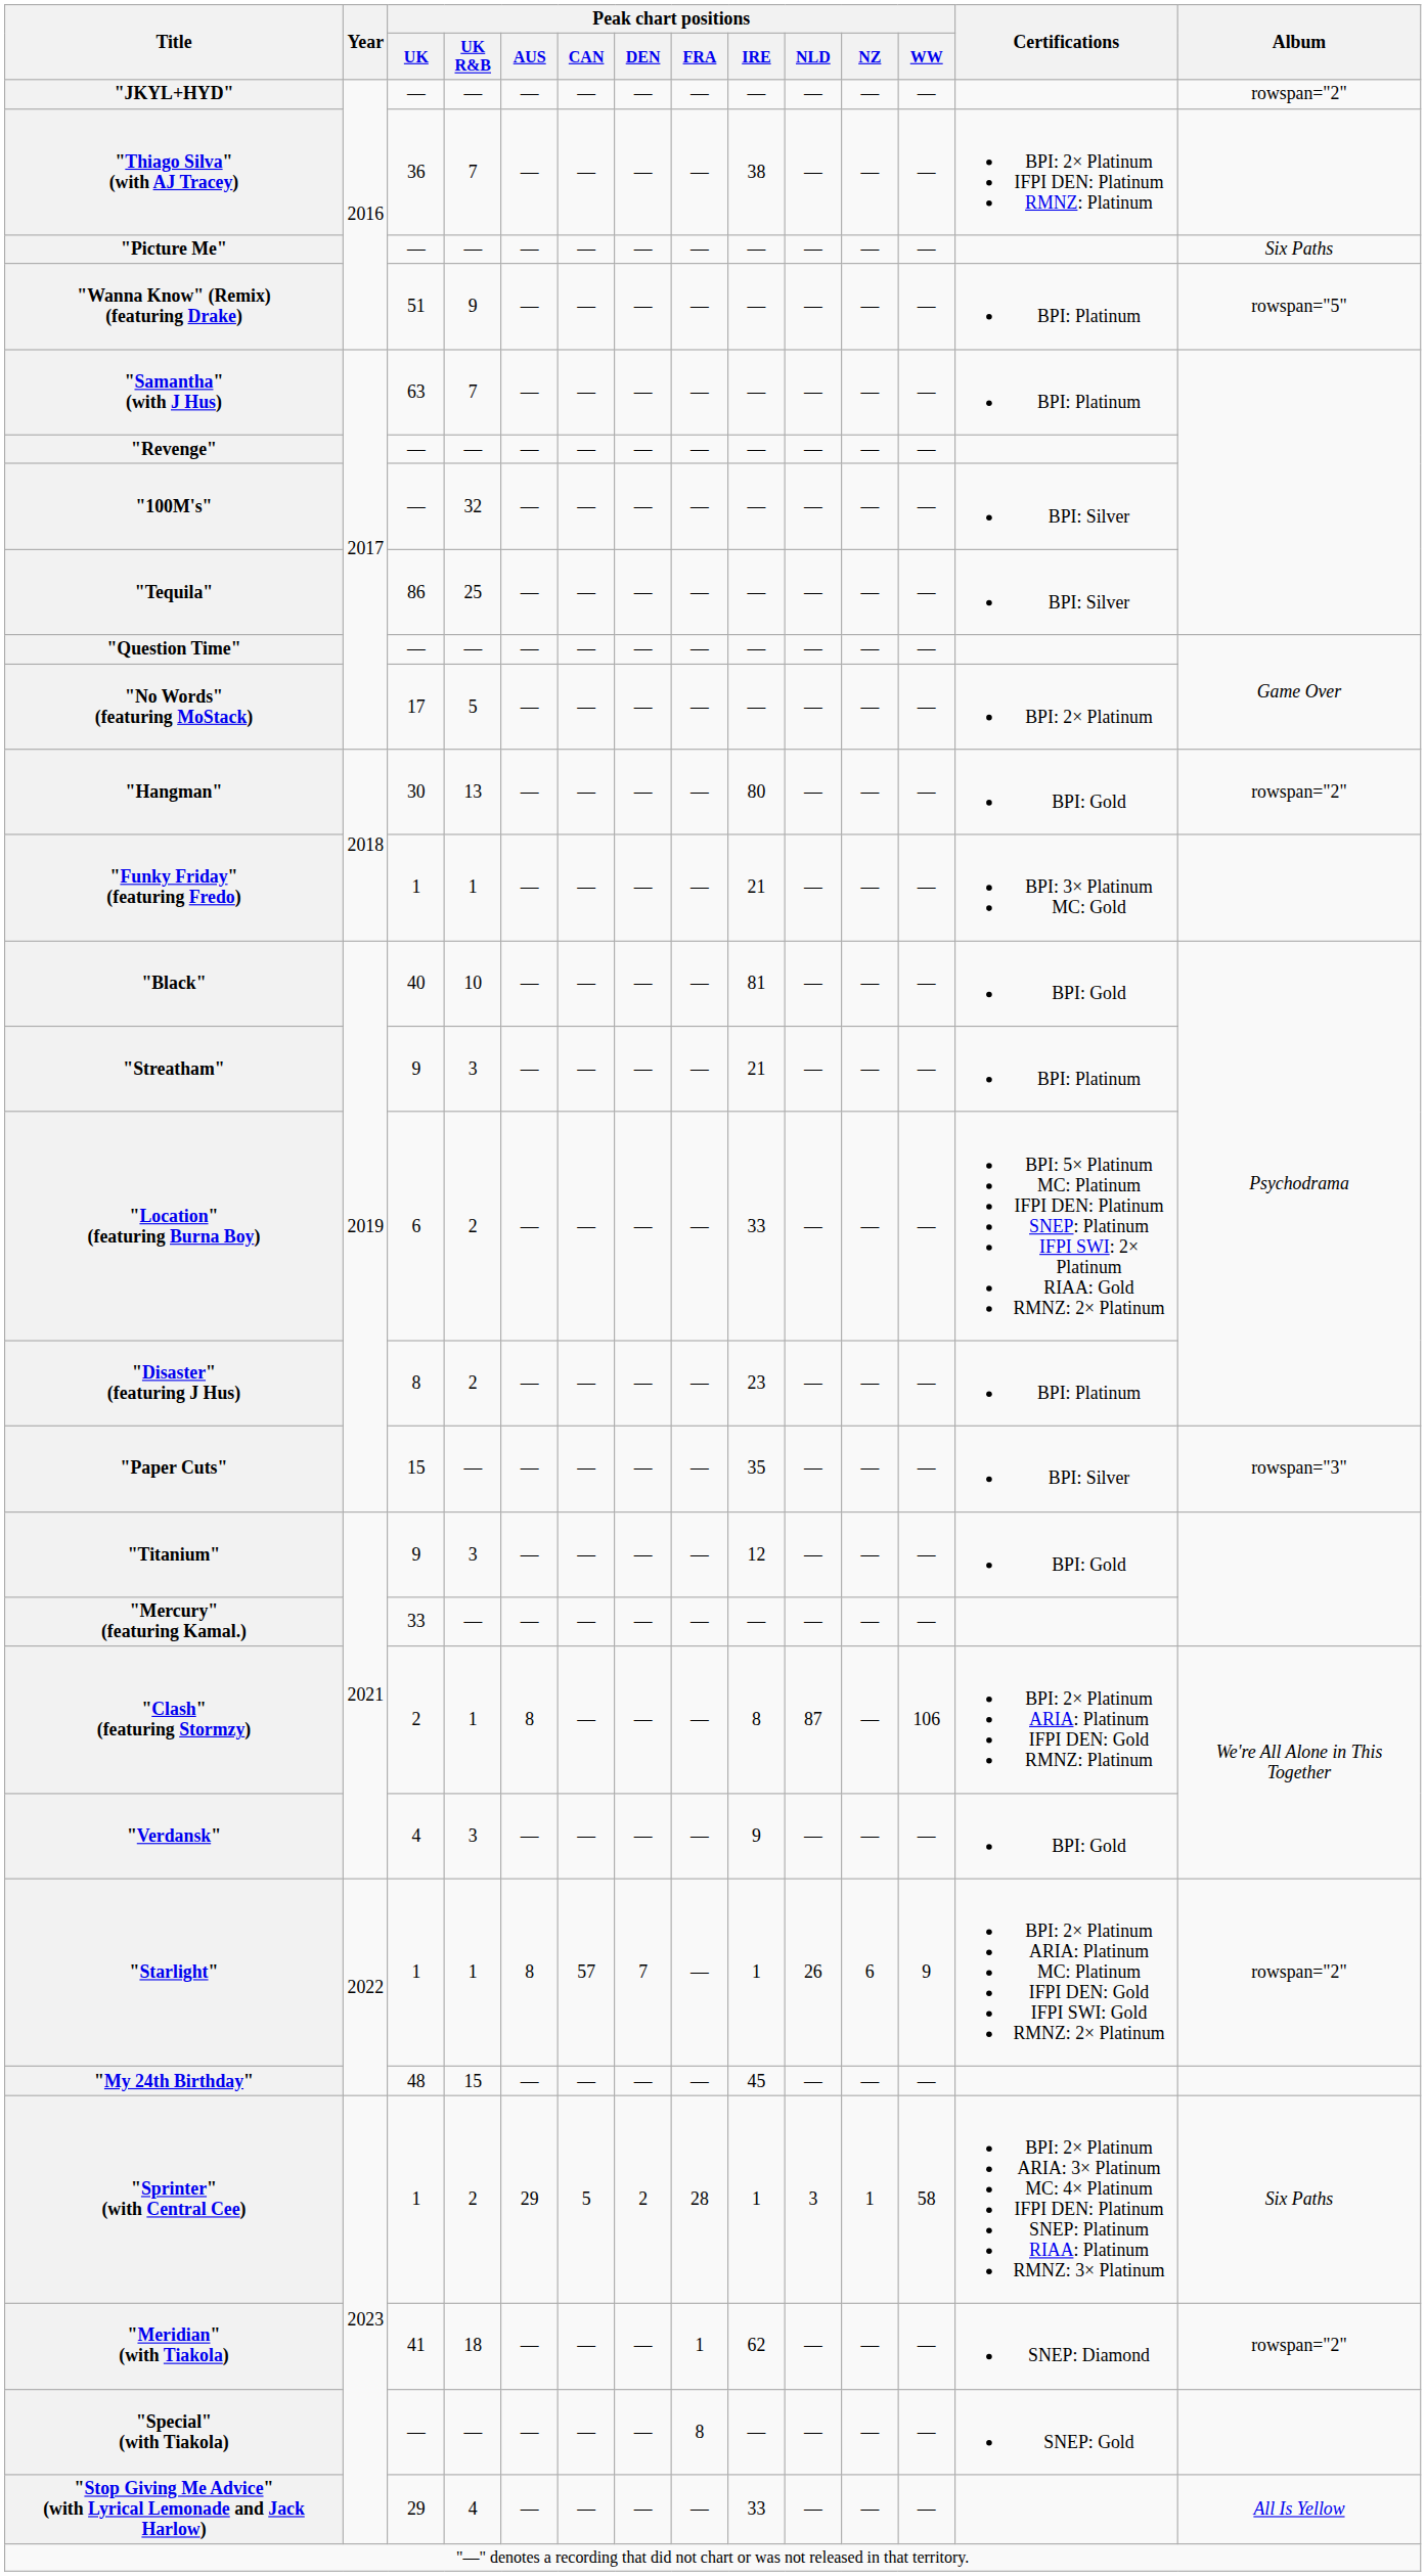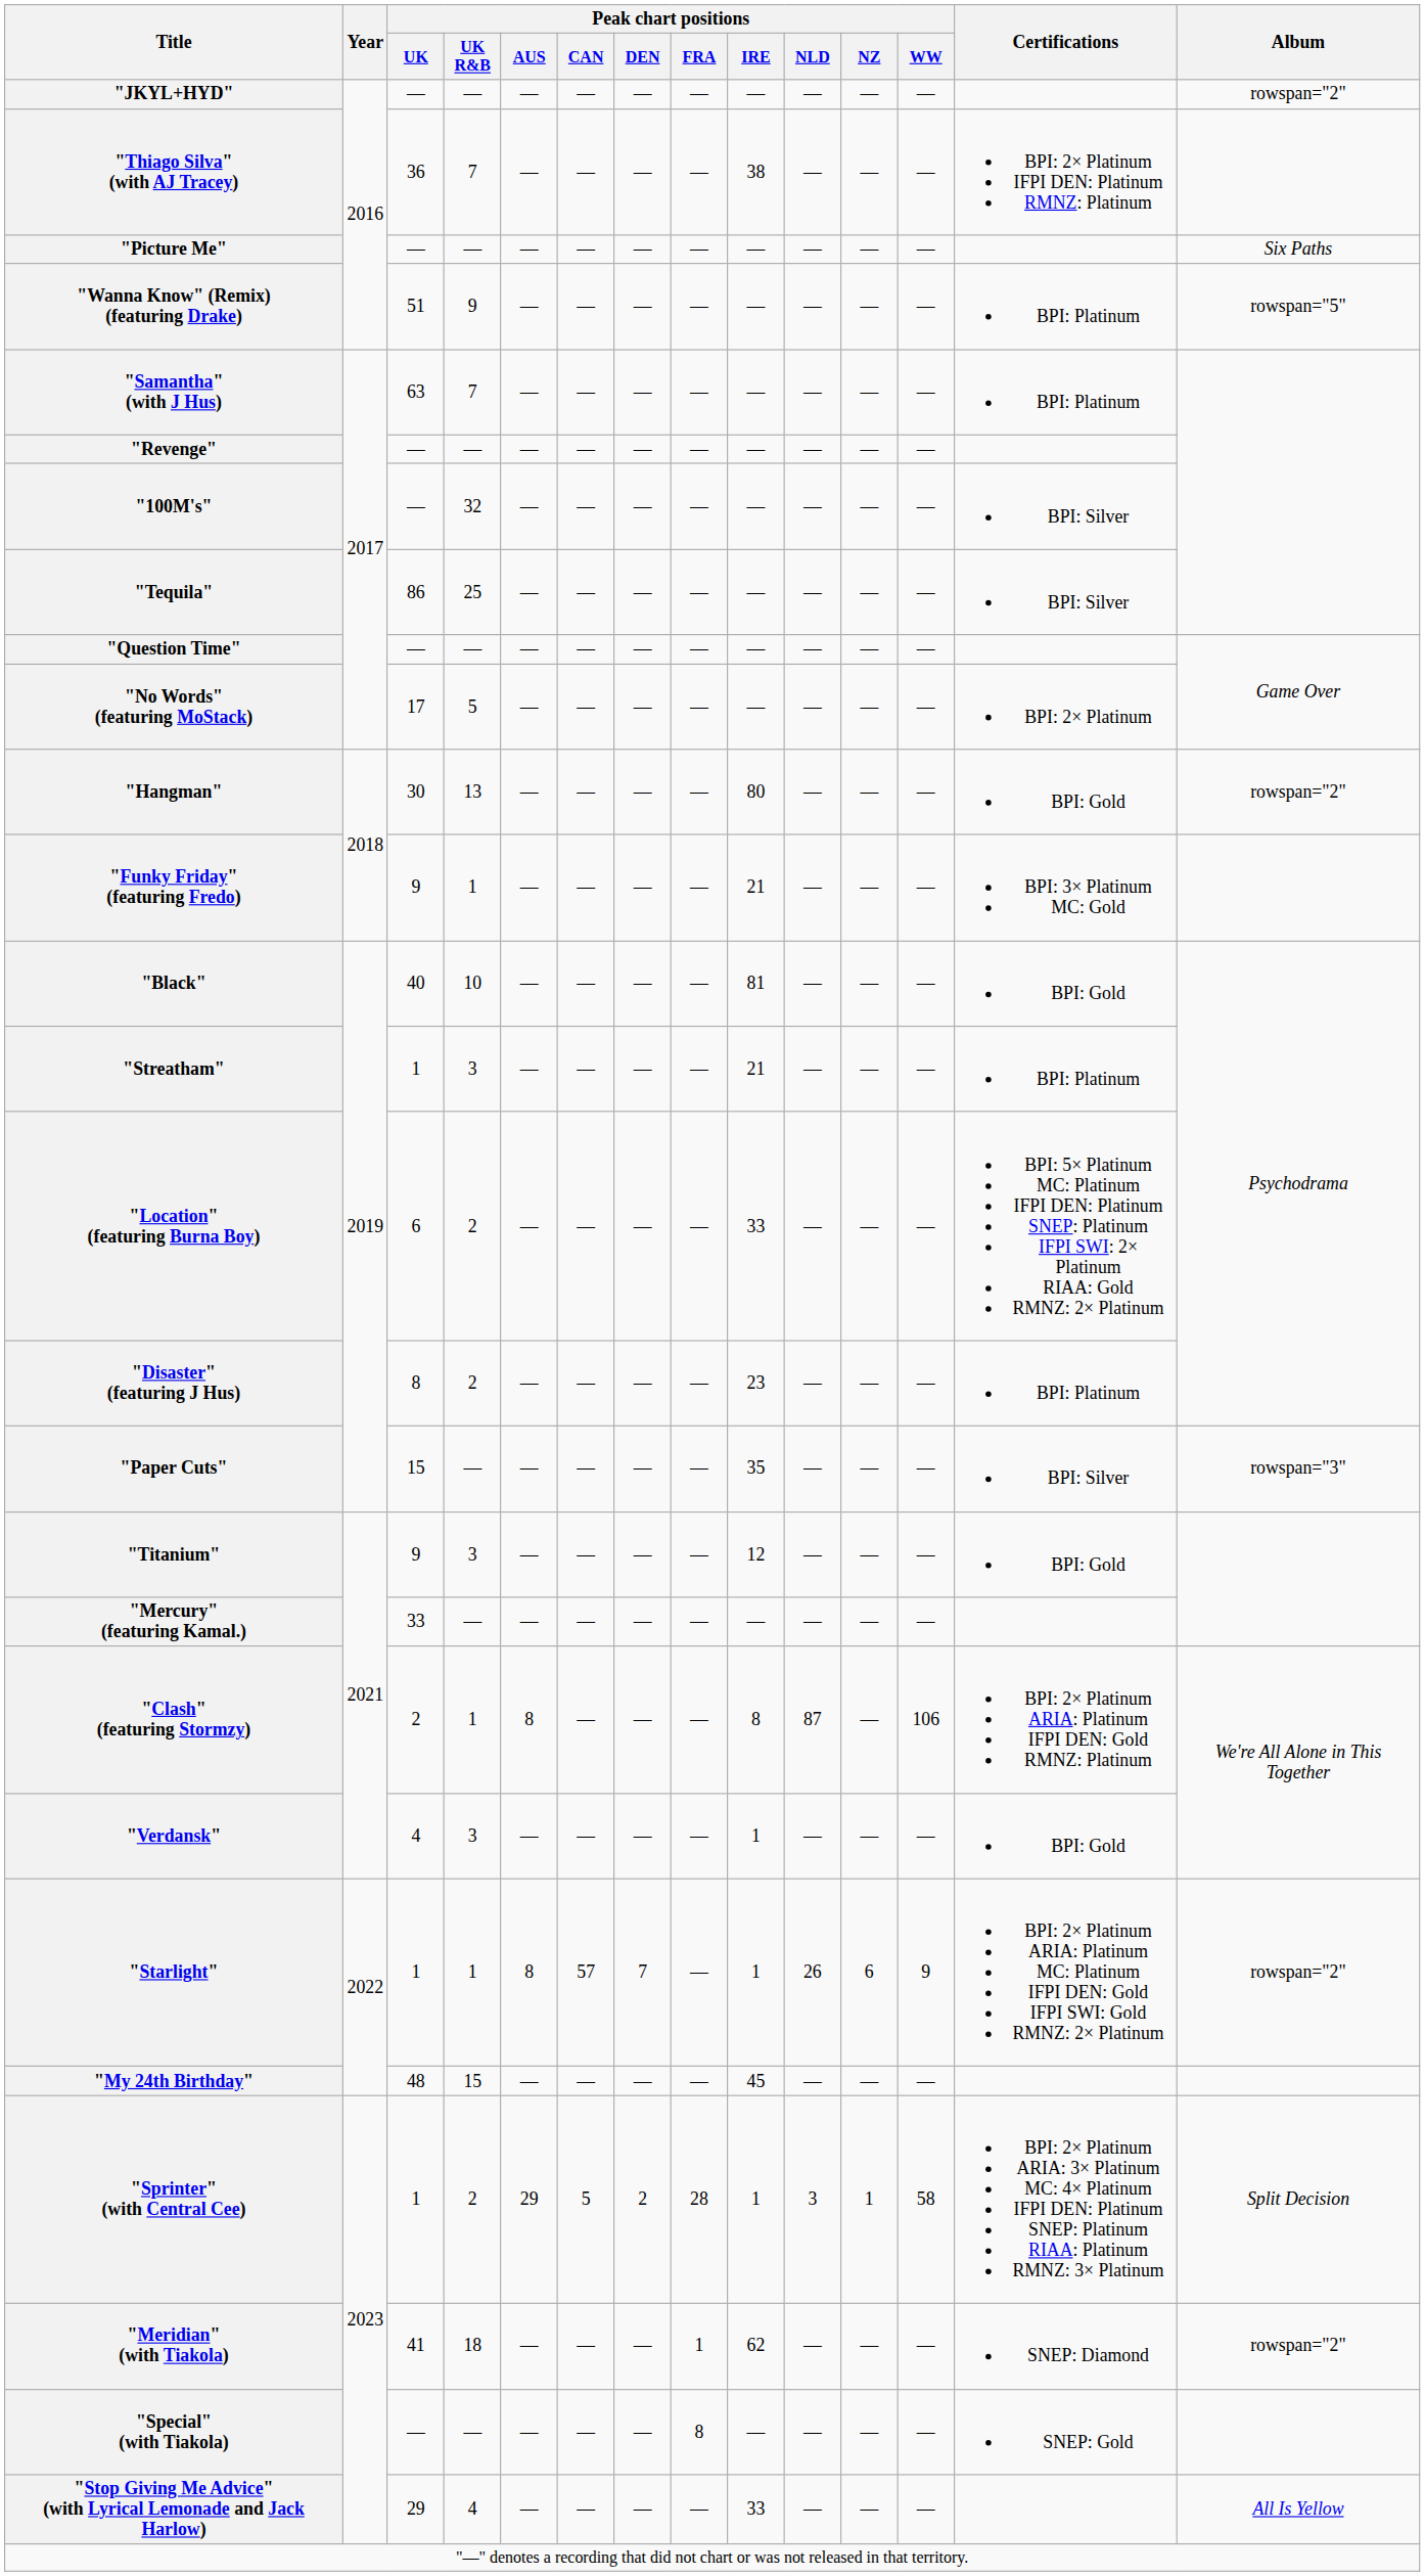 <table class="wikitable plainrowheaders" style="text-align:center;">
 <tr>
 <th scope="col" rowspan="2">Title</th>
 <th scope="col" rowspan="2">Year</th>
 <th scope="col" colspan="10">Peak chart positions</th>
 <th scope="col" rowspan="2">Certifications</th>
 <th scope="col" rowspan="2">Album</th>
 </tr>
 <tr>
 <th scope="col" style="width:3em;font-size:90%;"><a href='#'>UK</a><br></th>
 <th scope="col" style="width:3em;font-size:90%;"><a href='#'>UK<br>R&B</a><br></th>
 <th scope="col" style="width:3em;font-size:90%;"><a href='#'>AUS</a><br></th>
 <th scope="col" style="width:3em;font-size:90%;"><a href='#'>CAN</a><br></th>
 <th scope="col" style="width:3em;font-size:90%;"><a href='#'>DEN</a><br></th>
 <th scope="col" style="width:3em;font-size:90%;"><a href='#'>FRA</a><br></th>
 <th scope="col" style="width:3em;font-size:90%;"><a href='#'>IRE</a><br></th>
 <th scope="col" style="width:3em;font-size:90%;"><a href='#'>NLD</a><br></th>
 <th scope="col" style="width:3em;font-size:90%;"><a href='#'>NZ</a><br></th>
 <th scope="col" style="width:3em;font-size:90%;"><a href='#'>WW</a><br></th>
 </tr>
 <tr>
 <th scope="row">"JKYL+HYD"</th>
 <td rowspan="4">2016</td>
 <td>—</td>
 <td>—</td>
 <td>—</td>
 <td>—</td>
 <td>—</td>
 <td>—</td>
 <td>—</td>
 <td>—</td>
 <td>—</td>
 <td>—</td>
 <td></td>
 <td>rowspan="2" </td>
 </tr>
 <tr>
 <th scope="row">"<a href='#'>Thiago Silva</a>"<br><span>(with <a href='#'>AJ Tracey</a>)</span></th>
 <td>36</td>
 <td>7</td>
 <td>—</td>
 <td>—</td>
 <td>—</td>
 <td>—</td>
 <td>38</td>
 <td>—</td>
 <td>—</td>
 <td>—</td>
 <td><br><ul><li>BPI: 2× Platinum</li><li>IFPI DEN: Platinum</li><li><a href='#'>RMNZ</a>: Platinum</li></ul></td>
 </tr>
 <tr>
 <th scope="row">"Picture Me"</th>
 <td>—</td>
 <td>—</td>
 <td>—</td>
 <td>—</td>
 <td>—</td>
 <td>—</td>
 <td>—</td>
 <td>—</td>
 <td>—</td>
 <td>—</td>
 <td></td>
 <td scope="row"><em>Six Paths</em></td>
 </tr>
 <tr>
 <th scope="row">"Wanna Know" <span>(Remix)</span><br><span>(featuring <a href='#'>Drake</a>)</span></th>
 <td>51</td>
 <td>9</td>
 <td>—</td>
 <td>—</td>
 <td>—</td>
 <td>—</td>
 <td>—</td>
 <td>—</td>
 <td>—</td>
 <td>—</td>
 <td><br><ul><li>BPI: Platinum</li></ul></td>
 <td>rowspan="5" </td>
 </tr>
 <tr>
 <th scope="row">"<a href='#'>Samantha</a>"<br><span>(with <a href='#'>J Hus</a>)</span></th>
 <td rowspan="6">2017</td>
 <td>63</td>
 <td>7</td>
 <td>—</td>
 <td>—</td>
 <td>—</td>
 <td>—</td>
 <td>—</td>
 <td>—</td>
 <td>—</td>
 <td>—</td>
 <td><br><ul><li>BPI: Platinum</li></ul></td>
 </tr>
 <tr>
 <th scope="row">"Revenge"</th>
 <td>—</td>
 <td>—</td>
 <td>—</td>
 <td>—</td>
 <td>—</td>
 <td>—</td>
 <td>—</td>
 <td>—</td>
 <td>—</td>
 <td>—</td>
 <td></td>
 </tr>
 <tr>
 <th scope="row">"100M's"</th>
 <td>—</td>
 <td>32</td>
 <td>—</td>
 <td>—</td>
 <td>—</td>
 <td>—</td>
 <td>—</td>
 <td>—</td>
 <td>—</td>
 <td>—</td>
 <td><br><ul><li>BPI: Silver</li></ul></td>
 </tr>
 <tr>
 <th scope="row">"Tequila"</th>
 <td>86</td>
 <td>25</td>
 <td>—</td>
 <td>—</td>
 <td>—</td>
 <td>—</td>
 <td>—</td>
 <td>—</td>
 <td>—</td>
 <td>—</td>
 <td><br><ul><li>BPI: Silver</li></ul></td>
 </tr>
 <tr>
 <th scope="row">"Question Time"</th>
 <td>—</td>
 <td>—</td>
 <td>—</td>
 <td>—</td>
 <td>—</td>
 <td>—</td>
 <td>—</td>
 <td>—</td>
 <td>—</td>
 <td>—</td>
 <td></td>
 <td rowspan="2"><em>Game Over</em></td>
 </tr>
 <tr>
 <th scope="row">"No Words"<br><span>(featuring <a href='#'>MoStack</a>)</span></th>
 <td>17</td>
 <td>5</td>
 <td>—</td>
 <td>—</td>
 <td>—</td>
 <td>—</td>
 <td>—</td>
 <td>—</td>
 <td>—</td>
 <td>—</td>
 <td><br><ul><li>BPI: 2× Platinum</li></ul></td>
 </tr>
 <tr>
 <th scope="row">"Hangman"</th>
 <td rowspan="2">2018</td>
 <td>30</td>
 <td>13</td>
 <td>—</td>
 <td>—</td>
 <td>—</td>
 <td>—</td>
 <td>80</td>
 <td>—</td>
 <td>—</td>
 <td>—</td>
 <td><br><ul><li>BPI: Gold</li></ul></td>
 <td>rowspan="2" </td>
 </tr>
 <tr>
 <th scope="row">"<a href='#'>Funky Friday</a>"<br><span>(featuring <a href='#'>Fredo</a>)</span></th>
-<td>1</td>
+<td>9</td>
 <td>1</td>
 <td>—</td>
 <td>—</td>
 <td>—</td>
 <td>—</td>
 <td>21</td>
 <td>—</td>
 <td>—</td>
 <td>—</td>
 <td><br><ul><li>BPI: 3× Platinum</li><li>MC: Gold</li></ul></td>
 </tr>
 <tr>
 <th scope="row">"Black"</th>
 <td rowspan="5">2019</td>
 <td>40</td>
 <td>10</td>
 <td>—</td>
 <td>—</td>
 <td>—</td>
 <td>—</td>
 <td>81</td>
 <td>—</td>
 <td>—</td>
 <td>—</td>
 <td><br><ul><li>BPI: Gold</li></ul></td>
 <td rowspan="4"><em>Psychodrama</em></td>
 </tr>
 <tr>
 <th scope="row">"Streatham"</th>
-<td>9</td>
+<td>1</td>
 <td>3</td>
 <td>—</td>
 <td>—</td>
 <td>—</td>
 <td>—</td>
 <td>21</td>
 <td>—</td>
 <td>—</td>
 <td>—</td>
 <td><br><ul><li>BPI: Platinum</li></ul></td>
 </tr>
 <tr>
 <th scope="row">"<a href='#'>Location</a>"<br><span>(featuring <a href='#'>Burna Boy</a>)</span></th>
 <td>6</td>
 <td>2</td>
 <td>—</td>
 <td>—</td>
 <td>—</td>
 <td>—</td>
 <td>33</td>
 <td>—</td>
 <td>—</td>
 <td>—</td>
 <td><br><ul><li>BPI: 5× Platinum</li><li>MC: Platinum</li><li>IFPI DEN: Platinum</li><li><a href='#'>SNEP</a>: Platinum</li><li><a href='#'>IFPI SWI</a>: 2× Platinum</li><li>RIAA: Gold</li><li>RMNZ: 2× Platinum</li></ul></td>
 </tr>
 <tr>
 <th scope="row">"<a href='#'>Disaster</a>"<br><span>(featuring J Hus)</span></th>
 <td>8</td>
 <td>2</td>
 <td>—</td>
 <td>—</td>
 <td>—</td>
 <td>—</td>
 <td>23</td>
 <td>—</td>
 <td>—</td>
 <td>—</td>
 <td><br><ul><li>BPI: Platinum</li></ul></td>
 </tr>
 <tr>
 <th scope="row">"Paper Cuts"</th>
 <td>15</td>
 <td>—</td>
 <td>—</td>
 <td>—</td>
 <td>—</td>
 <td>—</td>
 <td>35</td>
 <td>—</td>
 <td>—</td>
 <td>—</td>
 <td><br><ul><li>BPI: Silver</li></ul></td>
 <td>rowspan="3" </td>
 </tr>
 <tr>
 <th scope="row">"Titanium"</th>
 <td rowspan="4">2021</td>
 <td>9</td>
 <td>3</td>
 <td>—</td>
 <td>—</td>
 <td>—</td>
 <td>—</td>
 <td>12</td>
 <td>—</td>
 <td>—</td>
 <td>—</td>
 <td><br><ul><li>BPI: Gold</li></ul></td>
 </tr>
 <tr>
 <th scope="row">"Mercury"<br><span>(featuring Kamal.)</span></th>
 <td>33</td>
 <td>—</td>
 <td>—</td>
 <td>—</td>
 <td>—</td>
 <td>—</td>
 <td>—</td>
 <td>—</td>
 <td>—</td>
 <td>—</td>
 <td></td>
 </tr>
 <tr>
 <th scope="row">"<a href='#'>Clash</a>"<br><span>(featuring <a href='#'>Stormzy</a>)</span></th>
 <td>2</td>
 <td>1</td>
 <td>8</td>
 <td>—</td>
 <td>—</td>
 <td>—</td>
 <td>8</td>
 <td>87</td>
 <td>—</td>
 <td>106</td>
 <td><br><ul><li>BPI: 2× Platinum</li><li><a href='#'>ARIA</a>: Platinum</li><li>IFPI DEN: Gold</li><li>RMNZ: Platinum</li></ul></td>
 <td rowspan="2"><em>We're All Alone in This Together</em></td>
 </tr>
 <tr>
 <th scope="row">"<a href='#'>Verdansk</a>"</th>
 <td>4</td>
 <td>3</td>
 <td>—</td>
 <td>—</td>
 <td>—</td>
 <td>—</td>
-<td>9</td>
+<td>1</td>
 <td>—</td>
 <td>—</td>
 <td>—</td>
 <td><br><ul><li>BPI: Gold</li></ul></td>
 </tr>
 <tr>
 <th scope="row">"<a href='#'>Starlight</a>"</th>
 <td rowspan="2">2022</td>
 <td>1</td>
 <td>1</td>
 <td>8</td>
 <td>57</td>
 <td>7</td>
 <td>—</td>
 <td>1</td>
 <td>26</td>
 <td>6</td>
 <td>9</td>
 <td><br><ul><li>BPI: 2× Platinum</li><li>ARIA: Platinum</li><li>MC: Platinum</li><li>IFPI DEN: Gold</li><li>IFPI SWI: Gold</li><li>RMNZ: 2× Platinum</li></ul></td>
 <td>rowspan="2" </td>
 </tr>
 <tr>
 <th scope="row">"<a href='#'>My 24th Birthday</a>"</th>
 <td>48</td>
 <td>15</td>
 <td>—</td>
 <td>—</td>
 <td>—</td>
 <td>—</td>
 <td>45</td>
 <td>—</td>
 <td>—</td>
 <td>—</td>
 <td></td>
 </tr>
 <tr>
 <th scope="row">"<a href='#'>Sprinter</a>"<br><span>(with <a href='#'>Central Cee</a>)</span></th>
 <td rowspan="4">2023</td>
 <td>1</td>
 <td>2</td>
 <td>29</td>
 <td>5</td>
 <td>2</td>
 <td>28</td>
 <td>1</td>
 <td>3</td>
 <td>1</td>
 <td>58</td>
 <td><br><ul><li>BPI: 2× Platinum</li><li>ARIA: 3× Platinum</li><li>MC: 4× Platinum</li><li>IFPI DEN: Platinum</li><li>SNEP: Platinum</li><li><a href='#'>RIAA</a>: Platinum</li><li>RMNZ: 3× Platinum</li></ul></td>
-<td scope="row"><em>Six Paths</em></td>
+<td><em>Split Decision</em></td>
 </tr>
 <tr>
 <th scope="row">"<a href='#'>Meridian</a>"<br><span>(with <a href='#'>Tiakola</a>)</span></th>
 <td>41</td>
 <td>18</td>
 <td>—</td>
 <td>—</td>
 <td>—</td>
 <td>1</td>
 <td>62</td>
 <td>—</td>
 <td>—</td>
 <td>—</td>
 <td><br><ul><li>SNEP: Diamond</li></ul></td>
 <td>rowspan="2" </td>
 </tr>
 <tr>
 <th scope="row">"Special"<br><span>(with Tiakola)</span></th>
 <td>—</td>
 <td>—</td>
 <td>—</td>
 <td>—</td>
 <td>—</td>
 <td>8</td>
 <td>—</td>
 <td>—</td>
 <td>—</td>
 <td>—</td>
 <td><br><ul><li>SNEP: Gold</li></ul></td>
 </tr>
 <tr>
 <th scope="row">"<a href='#'>Stop Giving Me Advice</a>"<br><span>(with <a href='#'>Lyrical Lemonade</a> and <a href='#'>Jack Harlow</a>)</span></th>
 <td>29</td>
 <td>4</td>
 <td>—</td>
 <td>—</td>
 <td>—</td>
 <td>—</td>
 <td>33</td>
 <td>—</td>
 <td>—</td>
 <td>—</td>
 <td></td>
 <td><em><a href='#'>All Is Yellow</a></em></td>
 </tr>
 <tr>
 <td colspan="14" style="font-size:90%">"—" denotes a recording that did not chart or was not released in that territory.</td>
 </tr>
 </table>
